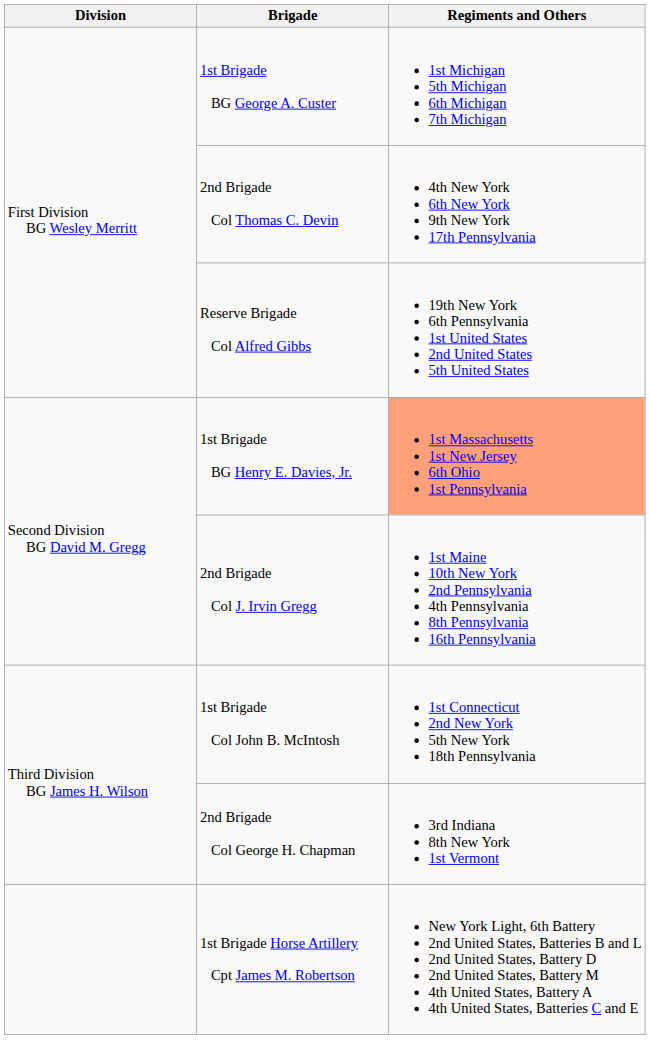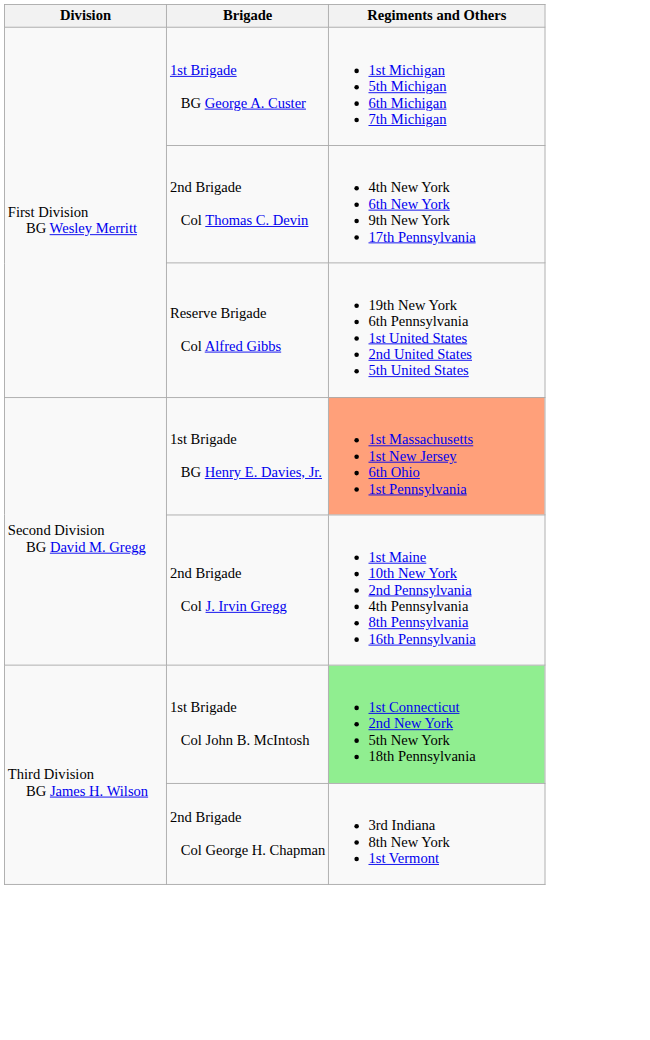 <table class="wikitable">
 <tr>
 <th width=30%>Division</th>
 <th width=30%>Brigade</th>
 <th>Regiments and Others</th>
 </tr>
 <tr>
 <td rowspan=3><br>First Division <br>     BG <a href='#'>Wesley Merritt</a></td>
 <td><a href='#'>1st Brigade</a><br><br>   BG <a href='#'>George A. Custer</a></td>
 <td><br><ul><li><a href='#'>1st Michigan</a></li><li><a href='#'>5th Michigan</a></li><li><a href='#'>6th Michigan</a></li><li><a href='#'>7th Michigan</a></li></ul></td>
 </tr>
 <tr>
 <td>2nd Brigade<br><br>   Col <a href='#'>Thomas C. Devin</a></td>
 <td><br><ul><li>4th New York</li><li><a href='#'>6th New York</a></li><li>9th New York</li><li><a href='#'>17th Pennsylvania</a></li></ul></td>
 </tr>
 <tr>
 <td>Reserve Brigade<br><br>   Col <a href='#'>Alfred Gibbs</a></td>
 <td><br><ul><li>19th New York</li><li>6th Pennsylvania</li><li><a href='#'>1st United States</a></li><li><a href='#'>2nd United States</a></li><li><a href='#'>5th United States</a></li></ul></td>
 </tr>
 <tr>
 <td rowspan=2><br>Second Division <br>     BG <a href='#'>David M. Gregg</a></td>
 <td>1st Brigade<br><br>   BG <a href='#'>Henry E. Davies, Jr.</a></td>
 <td style="background: lightsalmon;"><br><ul><li><a href='#'>1st Massachusetts</a></li><li><a href='#'>1st New Jersey</a></li><li><a href='#'>6th Ohio</a></li><li><a href='#'>1st Pennsylvania</a></li></ul></td>
 </tr>
 <tr>
 <td>2nd Brigade<br><br>   Col <a href='#'>J. Irvin Gregg</a></td>
 <td><br><ul><li><a href='#'>1st Maine</a></li><li><a href='#'>10th New York</a></li><li><a href='#'>2nd Pennsylvania</a></li><li>4th Pennsylvania</li><li><a href='#'>8th Pennsylvania</a></li><li><a href='#'>16th Pennsylvania</a></li></ul></td>
 </tr>
 <tr>
 <td rowspan= 2><br>Third Division <br>     BG <a href='#'>James H. Wilson</a></td>
 <td>1st Brigade<br><br>   Col John B. McIntosh</td>
-<td><br><ul><li><a href='#'>1st Connecticut</a></li><li><a href='#'>2nd New York</a></li><li>5th New York</li><li>18th Pennsylvania</li></ul></td>
+<td style="background: lightgreen;"><br><ul><li><a href='#'>1st Connecticut</a></li><li><a href='#'>2nd New York</a></li><li>5th New York</li><li>18th Pennsylvania</li></ul></td>
 </tr>
 <tr>
 <td>2nd Brigade<br><br>   Col George H. Chapman</td>
 <td><br><ul><li>3rd Indiana</li><li>8th New York</li><li><a href='#'>1st Vermont</a></li></ul></td>
 </tr>
-<tr>
-<td></td>
-<td>1st Brigade <a href='#'>Horse Artillery</a><br><br>   Cpt <a href='#'>James M. Robertson</a></td>
-<td><br><ul><li>New York Light, 6th Battery</li><li>2nd United States, Batteries B and L</li><li>2nd United States, Battery D</li><li>2nd United States, Battery M</li><li>4th United States, Battery A</li><li>4th United States, Batteries <a href='#'>C</a> and E</li></ul></td>
-</tr>
 </table>
